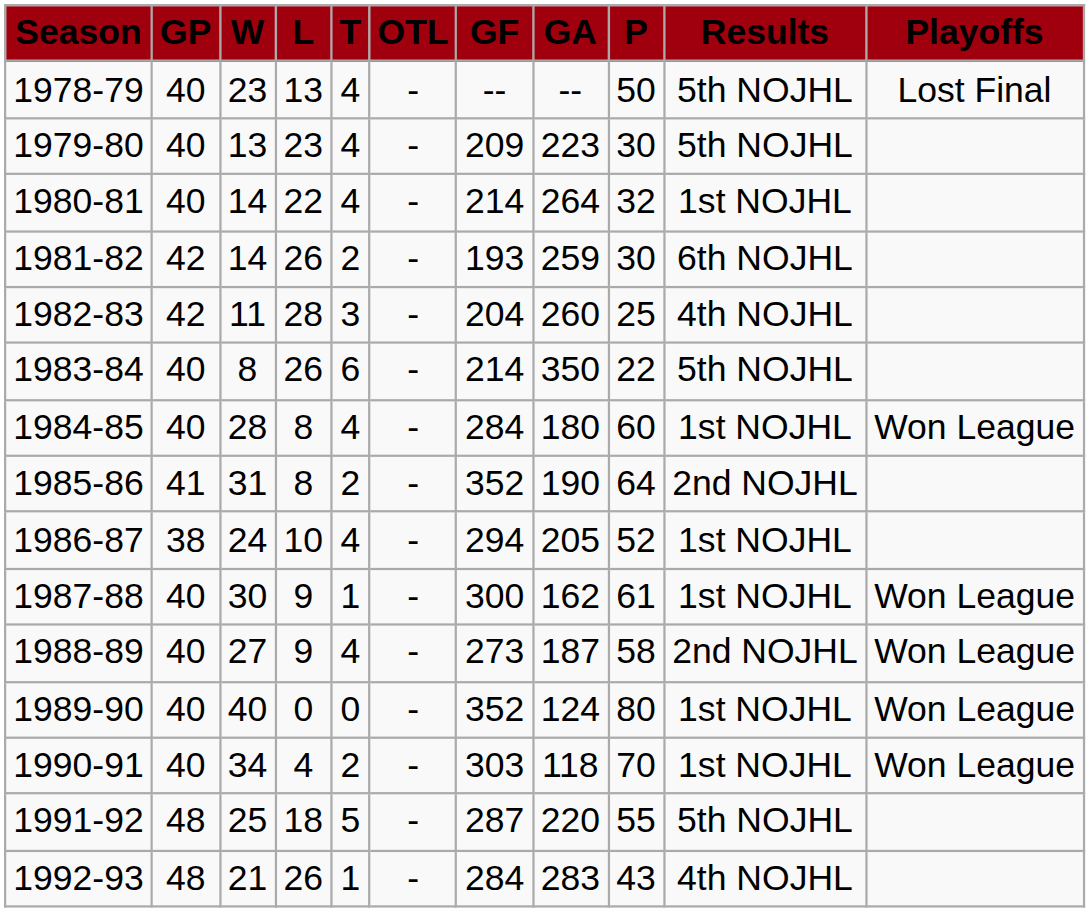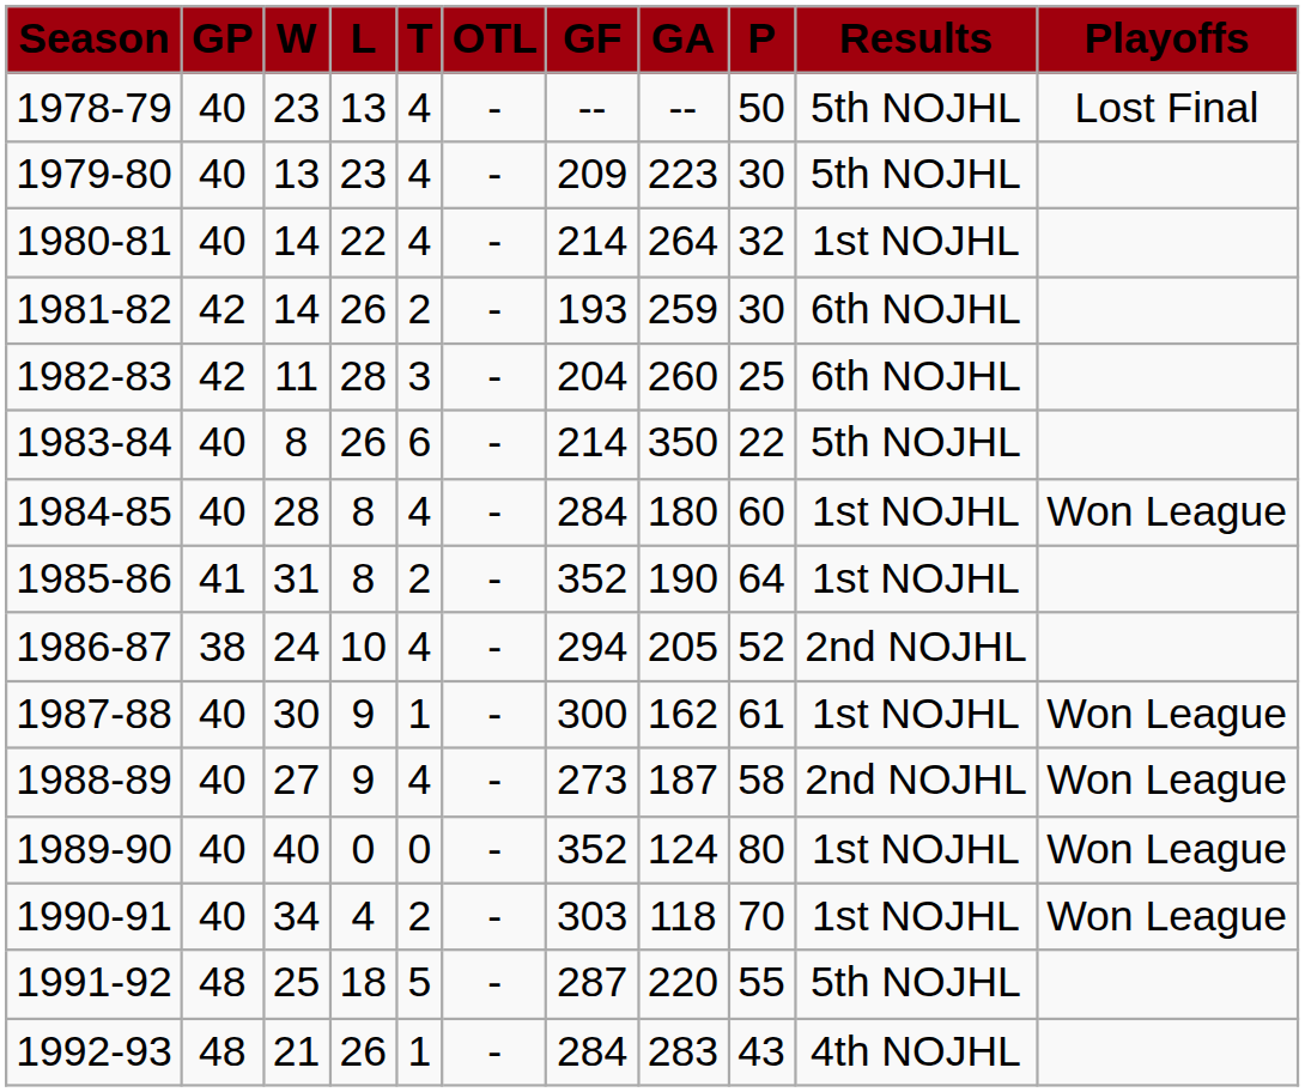 <table class="wikitable">
 <tr align="center" bgcolor="#dddddd James Kennedy was the coach and when he went to move south they did not want an other coach so the team was shut down">
 <td><strong>Season</strong></td>
 <td><strong>GP</strong></td>
 <td><strong>W</strong></td>
 <td><strong>L</strong></td>
 <td><strong>T</strong></td>
 <td><strong>OTL</strong></td>
 <td><strong>GF</strong></td>
 <td><strong>GA</strong></td>
 <td><strong>P</strong></td>
 <td><strong>Results</strong></td>
 <td><strong>Playoffs</strong></td>
 </tr>
 <tr align="center">
 <td>1978-79</td>
 <td>40</td>
 <td>23</td>
 <td>13</td>
 <td>4</td>
 <td>-</td>
 <td>--</td>
 <td>--</td>
 <td>50</td>
 <td>5th NOJHL</td>
 <td>Lost Final</td>
 </tr>
 <tr align="center">
 <td>1979-80</td>
 <td>40</td>
 <td>13</td>
 <td>23</td>
 <td>4</td>
 <td>-</td>
 <td>209</td>
 <td>223</td>
 <td>30</td>
 <td>5th NOJHL</td>
 <td></td>
 </tr>
 <tr align="center">
 <td>1980-81</td>
 <td>40</td>
 <td>14</td>
 <td>22</td>
 <td>4</td>
 <td>-</td>
 <td>214</td>
 <td>264</td>
 <td>32</td>
 <td>1st NOJHL</td>
 <td></td>
 </tr>
 <tr align="center">
 <td>1981-82</td>
 <td>42</td>
 <td>14</td>
 <td>26</td>
 <td>2</td>
 <td>-</td>
 <td>193</td>
 <td>259</td>
 <td>30</td>
 <td>6th NOJHL</td>
 <td></td>
 </tr>
 <tr align="center">
 <td>1982-83</td>
 <td>42</td>
 <td>11</td>
 <td>28</td>
 <td>3</td>
 <td>-</td>
 <td>204</td>
 <td>260</td>
 <td>25</td>
-<td>4th NOJHL</td>
+<td>6th NOJHL</td>
 <td></td>
 </tr>
 <tr align="center">
 <td>1983-84</td>
 <td>40</td>
 <td>8</td>
 <td>26</td>
 <td>6</td>
 <td>-</td>
 <td>214</td>
 <td>350</td>
 <td>22</td>
 <td>5th NOJHL</td>
 <td></td>
 </tr>
 <tr align="center">
 <td>1984-85</td>
 <td>40</td>
 <td>28</td>
 <td>8</td>
 <td>4</td>
 <td>-</td>
 <td>284</td>
 <td>180</td>
 <td>60</td>
 <td>1st NOJHL</td>
 <td>Won League</td>
 </tr>
 <tr align="center">
 <td>1985-86</td>
 <td>41</td>
 <td>31</td>
 <td>8</td>
 <td>2</td>
 <td>-</td>
 <td>352</td>
 <td>190</td>
 <td>64</td>
-<td>2nd NOJHL</td>
+<td>1st NOJHL</td>
 <td></td>
 </tr>
 <tr align="center">
 <td>1986-87</td>
 <td>38</td>
 <td>24</td>
 <td>10</td>
 <td>4</td>
 <td>-</td>
 <td>294</td>
 <td>205</td>
 <td>52</td>
-<td>1st NOJHL</td>
+<td>2nd NOJHL</td>
 <td></td>
 </tr>
 <tr align="center">
 <td>1987-88</td>
 <td>40</td>
 <td>30</td>
 <td>9</td>
 <td>1</td>
 <td>-</td>
 <td>300</td>
 <td>162</td>
 <td>61</td>
 <td>1st NOJHL</td>
 <td>Won League</td>
 </tr>
 <tr align="center">
 <td>1988-89</td>
 <td>40</td>
 <td>27</td>
 <td>9</td>
 <td>4</td>
 <td>-</td>
 <td>273</td>
 <td>187</td>
 <td>58</td>
 <td>2nd NOJHL</td>
 <td>Won League</td>
 </tr>
 <tr align="center">
 <td>1989-90</td>
 <td>40</td>
 <td>40</td>
 <td>0</td>
 <td>0</td>
 <td>-</td>
 <td>352</td>
 <td>124</td>
 <td>80</td>
 <td>1st NOJHL</td>
 <td>Won League</td>
 </tr>
 <tr align="center">
 <td>1990-91</td>
 <td>40</td>
 <td>34</td>
 <td>4</td>
 <td>2</td>
 <td>-</td>
 <td>303</td>
 <td>118</td>
 <td>70</td>
 <td>1st NOJHL</td>
 <td>Won League</td>
 </tr>
 <tr align="center">
 <td>1991-92</td>
 <td>48</td>
 <td>25</td>
 <td>18</td>
 <td>5</td>
 <td>-</td>
 <td>287</td>
 <td>220</td>
 <td>55</td>
 <td>5th NOJHL</td>
 <td></td>
 </tr>
 <tr align="center">
 <td>1992-93</td>
 <td>48</td>
 <td>21</td>
 <td>26</td>
 <td>1</td>
 <td>-</td>
 <td>284</td>
 <td>283</td>
 <td>43</td>
 <td>4th NOJHL</td>
 <td></td>
 </tr>
 </table>
